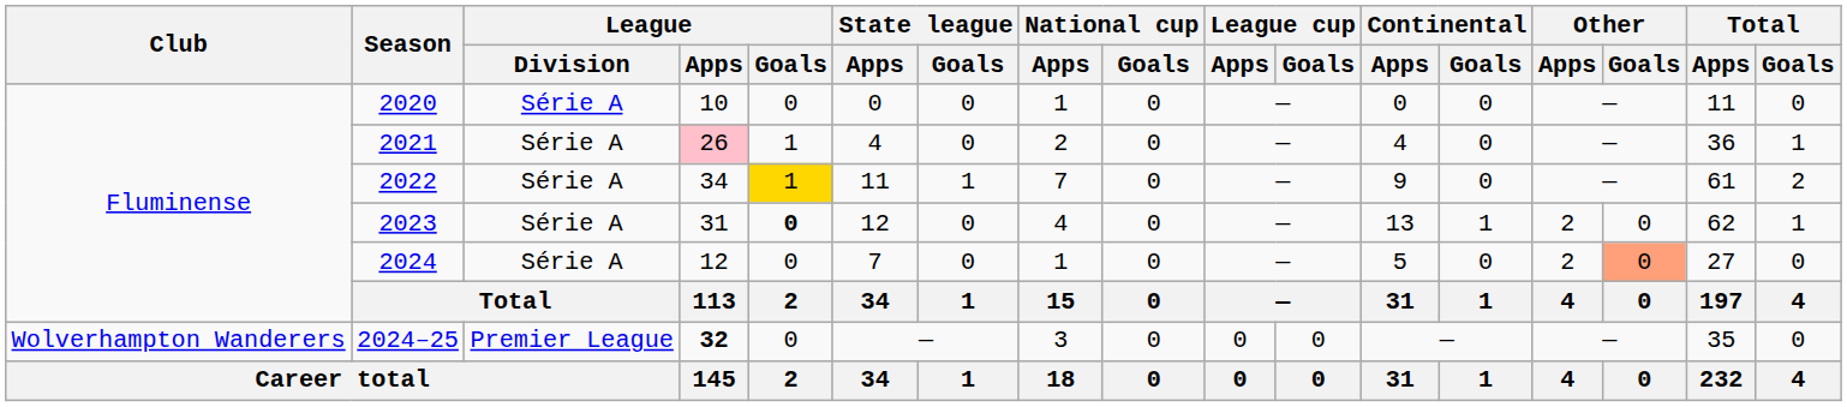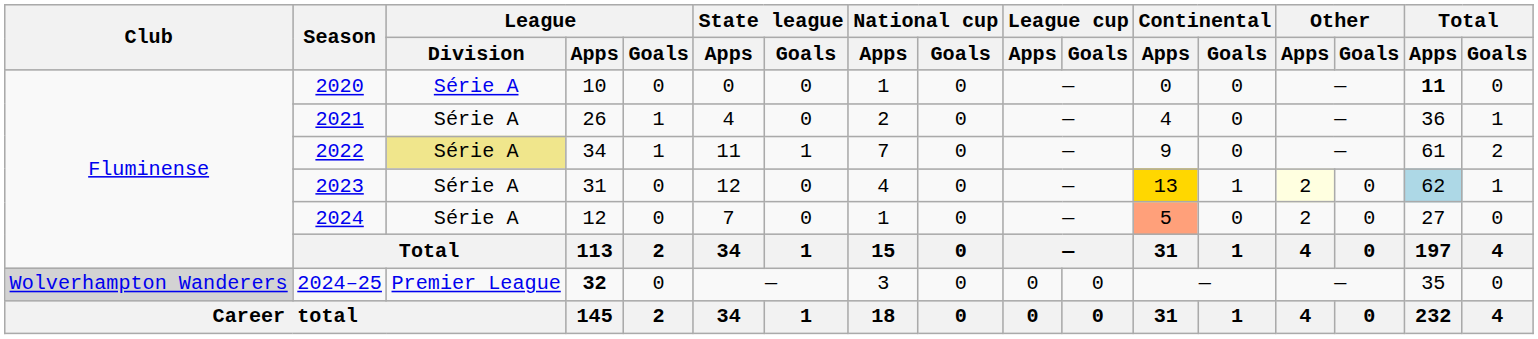 <table class="wikitable" style="text-align: center">
 <tr>
 <th rowspan="2">Club</th>
 <th rowspan="2">Season</th>
 <th colspan="3">League</th>
 <th colspan="2">State league</th>
 <th colspan="2">National cup</th>
 <th colspan="2">League cup</th>
 <th colspan="2">Continental</th>
 <th colspan="2">Other</th>
 <th colspan="2">Total</th>
 </tr>
 <tr>
 <th>Division</th>
 <th>Apps</th>
 <th>Goals</th>
 <th>Apps</th>
 <th>Goals</th>
 <th>Apps</th>
 <th>Goals</th>
 <th>Apps</th>
 <th>Goals</th>
 <th>Apps</th>
 <th>Goals</th>
 <th>Apps</th>
 <th>Goals</th>
 <th>Apps</th>
 <th>Goals</th>
 </tr>
 <tr>
 <td rowspan="6"><a href='#'>Fluminense</a></td>
 <td><a href='#'>2020</a></td>
 <td><a href='#'>Série A</a></td>
 <td>10</td>
 <td>0</td>
 <td>0</td>
 <td>0</td>
 <td>1</td>
 <td>0</td>
 <td colspan="2">—</td>
 <td>0</td>
 <td>0</td>
 <td colspan="2">—</td>
-<td>11</td>
+<td><strong>11</strong></td>
 <td>0</td>
 </tr>
 <tr>
 <td><a href='#'>2021</a></td>
 <td>Série A</td>
-<td style="background: pink;">26</td>
+<td>26</td>
 <td>1</td>
 <td>4</td>
 <td>0</td>
 <td>2</td>
 <td>0</td>
 <td colspan="2">—</td>
 <td>4</td>
 <td>0</td>
 <td colspan="2">—</td>
 <td>36</td>
 <td>1</td>
 </tr>
 <tr>
 <td><a href='#'>2022</a></td>
-<td>Série A</td>
+<td style="background: khaki;">Série A</td>
 <td>34</td>
-<td style="background: gold;">1</td>
+<td>1</td>
 <td>11</td>
 <td>1</td>
 <td>7</td>
 <td>0</td>
 <td colspan="2">—</td>
 <td>9</td>
 <td>0</td>
 <td colspan="2">—</td>
 <td>61</td>
 <td>2</td>
 </tr>
 <tr>
 <td><a href='#'>2023</a></td>
 <td>Série A</td>
 <td>31</td>
-<td><strong>0</strong></td>
+<td>0</td>
 <td>12</td>
 <td>0</td>
 <td>4</td>
 <td>0</td>
 <td colspan="2">—</td>
-<td>13</td>
+<td style="background: gold;">13</td>
 <td>1</td>
-<td>2</td>
+<td style="background: lightyellow;">2</td>
 <td>0</td>
-<td>62</td>
+<td style="background: lightblue;">62</td>
 <td>1</td>
 </tr>
 <tr>
 <td><a href='#'>2024</a></td>
 <td>Série A</td>
 <td>12</td>
 <td>0</td>
 <td>7</td>
 <td>0</td>
 <td>1</td>
 <td>0</td>
 <td colspan="2">—</td>
-<td>5</td>
+<td style="background: lightsalmon;">5</td>
 <td>0</td>
 <td>2</td>
-<td style="background: lightsalmon;">0</td>
+<td>0</td>
 <td>27</td>
 <td>0</td>
 </tr>
 <tr>
 <th colspan="2">Total</th>
 <th>113</th>
 <th>2</th>
 <th>34</th>
 <th>1</th>
 <th>15</th>
 <th>0</th>
 <th colspan="2">—</th>
 <th>31</th>
 <th>1</th>
 <th>4</th>
 <th>0</th>
 <th>197</th>
 <th>4</th>
 </tr>
 <tr>
-<td><a href='#'>Wolverhampton Wanderers</a></td>
+<td style="background: lightgrey;"><a href='#'>Wolverhampton Wanderers</a></td>
 <td><a href='#'>2024–25</a></td>
 <td><a href='#'>Premier League</a></td>
 <td><strong>32</strong></td>
 <td>0</td>
 <td colspan="2">—</td>
 <td>3</td>
 <td>0</td>
 <td>0</td>
 <td>0</td>
 <td colspan="2">—</td>
 <td colspan="2">—</td>
 <td>35</td>
 <td>0</td>
 </tr>
 <tr>
 <th colspan="3">Career total</th>
 <th>145</th>
 <th>2</th>
 <th>34</th>
 <th>1</th>
 <th>18</th>
 <th>0</th>
 <th>0</th>
 <th>0</th>
 <th>31</th>
 <th>1</th>
 <th>4</th>
 <th>0</th>
 <th>232</th>
 <th>4</th>
 </tr>
 </table>
